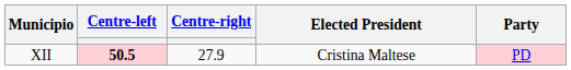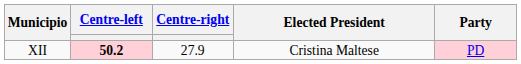 <table class="wikitable" style="text-align:center; font-size:85%; line-height:13px">
 <tr style="height:30px; background-color:#E9E9E9">
 <th style="width:50px;" rowspan="2">Municipio</th>
 <th style="width:75px;"><a href='#'>Centre-left</a></th>
 <th style="width:75px;"><a href='#'>Centre-right</a></th>
 <th style="width:195px;" rowspan="2">Elected President</th>
 <th style="width:75px;" rowspan="2">Party</th>
 </tr>
 <tr>
 <th style="background:"></th>
 <th style="background:"></th>
 </tr>
 <tr>
 <td>XII</td>
-<td style="background:#FFD0D7"><strong>50.5</strong></td>
+<td style="background:#FFD0D7"><strong>50.2</strong></td>
 <td>27.9</td>
 <td>Cristina Maltese</td>
 <td style="background:#FFD0D7"><a href='#'>PD</a></td>
 </tr>
 <tr>
 </tr>
 </table>
